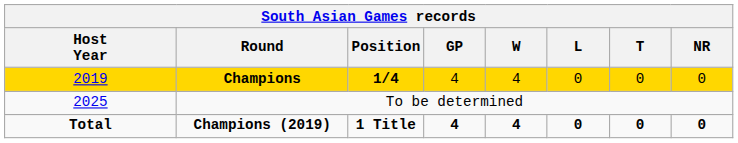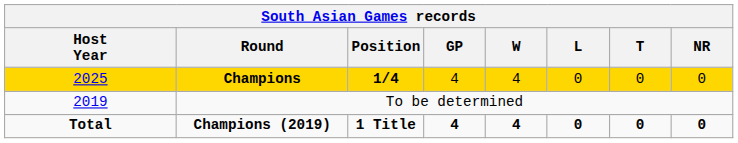 <table class="wikitable" style="text-align: center; width=900px;">
 <tr>
 <th colspan=9><a href='#'>South Asian Games</a> records</th>
 </tr>
 <tr>
 <th width=150>Host<br>Year</th>
 <th width=150>Round</th>
 <th width=50>Position</th>
 <th width=50>GP</th>
 <th width=50>W</th>
 <th width=50>L</th>
 <th width=50>T</th>
 <th width=50>NR</th>
 </tr>
 <tr style="background:gold;">
-<td> <a href='#'>2019</a></td>
+<td> <a href='#'>2025</a></td>
 <td><strong>Champions</strong></td>
 <td><strong>1/4</strong></td>
 <td>4</td>
 <td>4</td>
 <td>0</td>
 <td>0</td>
 <td>0</td>
 </tr>
 <tr>
-<td> <a href='#'>2025</a></td>
+<td> <a href='#'>2019</a></td>
 <td colspan=8>To be determined</td>
 </tr>
 <tr>
 <td><strong>Total</strong></td>
 <td><strong>Champions (2019)</strong></td>
 <td><strong>1 Title</strong></td>
 <td><strong>4</strong></td>
 <td><strong>4</strong></td>
 <td><strong>0</strong></td>
 <td><strong>0</strong></td>
 <td><strong>0</strong></td>
 </tr>
 </table>
